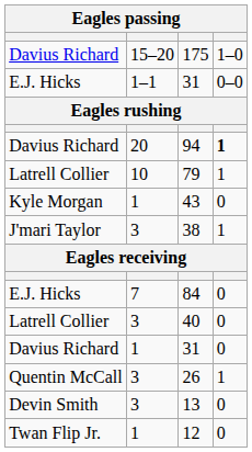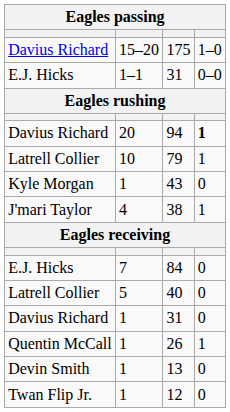 <table class="wikitable plainrowheaders">
 <tr>
 <th colspan="6">Eagles passing</th>
 </tr>
 <tr>
 <th scope="col"></th>
 <th scope="col"></th>
 <th scope="col"></th>
 <th scope="col"></th>
 </tr>
 <tr>
 <td><a href='#'>Davius Richard</a></td>
 <td>15–20</td>
 <td>175</td>
 <td>1–0</td>
 </tr>
 <tr>
 <td>E.J. Hicks</td>
 <td>1–1</td>
 <td>31</td>
 <td>0–0</td>
 </tr>
 <tr>
 <th colspan="6">Eagles rushing</th>
 </tr>
 <tr>
 <th scope="col"></th>
 <th scope="col"></th>
 <th scope="col"></th>
 <th scope="col"></th>
 </tr>
 <tr>
 <td>Davius Richard</td>
 <td>20</td>
 <td>94</td>
 <td><strong>1</strong></td>
 </tr>
 <tr>
 <td>Latrell Collier</td>
 <td>10</td>
 <td>79</td>
 <td>1</td>
 </tr>
 <tr>
 <td>Kyle Morgan</td>
 <td>1</td>
 <td>43</td>
 <td>0</td>
 </tr>
 <tr>
 <td>J'mari Taylor</td>
-<td>3</td>
+<td>4</td>
 <td>38</td>
 <td>1</td>
 </tr>
 <tr>
 <th colspan="6">Eagles receiving</th>
 </tr>
 <tr>
 </tr>
 <tr>
 <th scope="col"></th>
 <th scope="col"></th>
 <th scope="col"></th>
 <th scope="col"></th>
 </tr>
 <tr>
 <td>E.J. Hicks</td>
 <td>7</td>
 <td>84</td>
 <td>0</td>
 </tr>
 <tr>
 <td>Latrell Collier</td>
-<td>3</td>
+<td>5</td>
 <td>40</td>
 <td>0</td>
 </tr>
 <tr>
 <td>Davius Richard</td>
 <td>1</td>
 <td>31</td>
 <td>0</td>
 </tr>
 <tr>
 <td>Quentin McCall</td>
-<td>3</td>
+<td>1</td>
 <td>26</td>
 <td>1</td>
 </tr>
 <tr>
 <td>Devin Smith</td>
-<td>3</td>
+<td>1</td>
 <td>13</td>
 <td>0</td>
 </tr>
 <tr>
 <td>Twan Flip Jr.</td>
 <td>1</td>
 <td>12</td>
 <td>0</td>
 </tr>
 <tr>
 </tr>
 </table>
